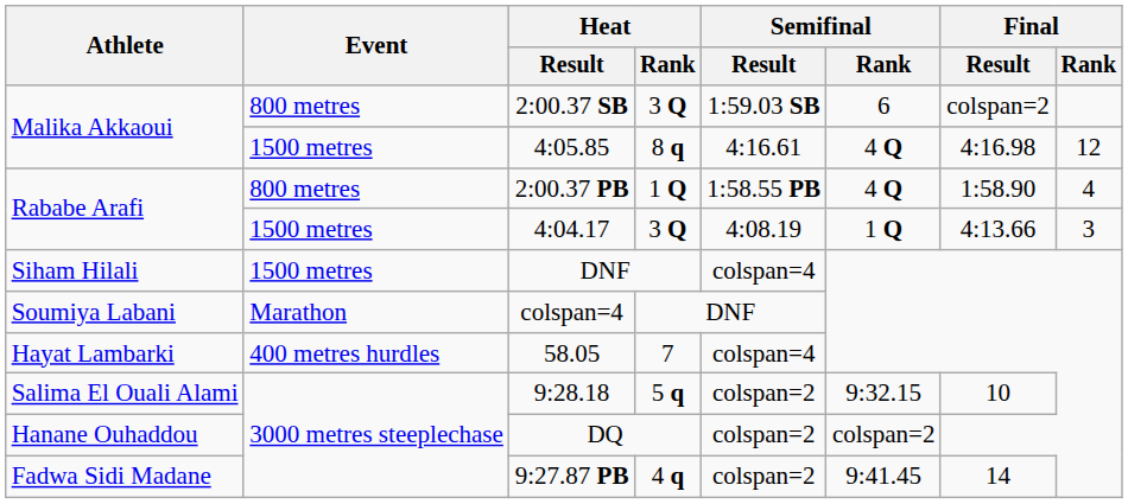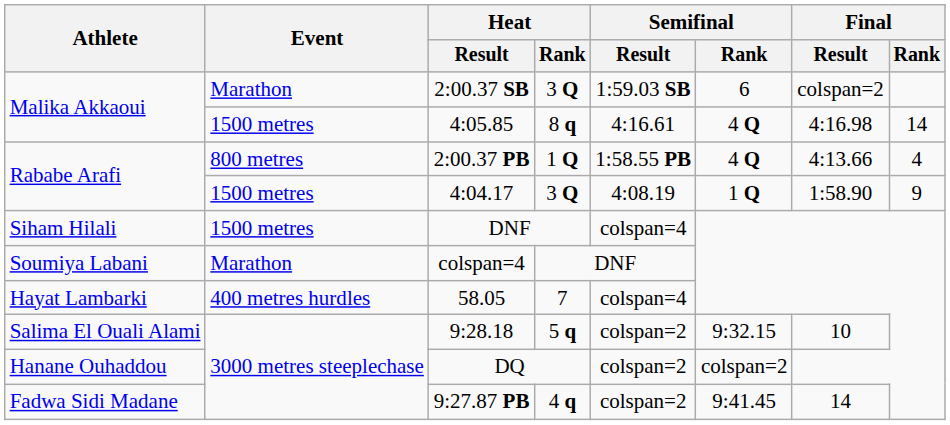 <table class="wikitable" style="font-size:90%">
 <tr>
 <th rowspan="2">Athlete</th>
 <th rowspan="2">Event</th>
 <th colspan="2">Heat</th>
 <th colspan="2">Semifinal</th>
 <th colspan="2">Final</th>
 </tr>
 <tr style="font-size:95%">
 <th>Result</th>
 <th>Rank</th>
 <th>Result</th>
 <th>Rank</th>
 <th>Result</th>
 <th>Rank</th>
 </tr>
 <tr style=text-align:center>
 <td style=text-align:left rowspan=2><a href='#'>Malika Akkaoui</a></td>
-<td style=text-align:left><a href='#'>800 metres</a></td>
+<td style=text-align:left><a href='#'>Marathon</a></td>
 <td>2:00.37 <strong>SB</strong></td>
 <td>3 <strong>Q</strong></td>
 <td>1:59.03 <strong>SB</strong></td>
 <td>6</td>
 <td>colspan=2 </td>
 </tr>
 <tr style=text-align:center>
 <td style=text-align:left><a href='#'>1500 metres</a></td>
 <td>4:05.85</td>
 <td>8 <strong>q</strong></td>
 <td>4:16.61</td>
 <td>4 <strong>Q</strong></td>
 <td>4:16.98</td>
-<td>12</td>
+<td>14</td>
 </tr>
 <tr style=text-align:center>
 <td style=text-align:left rowspan=2><a href='#'>Rababe Arafi</a></td>
 <td style=text-align:left><a href='#'>800 metres</a></td>
 <td>2:00.37 <strong>PB</strong></td>
 <td>1 <strong>Q</strong></td>
 <td>1:58.55 <strong>PB</strong></td>
 <td>4 <strong>Q</strong></td>
-<td>1:58.90</td>
+<td>4:13.66</td>
 <td>4</td>
 </tr>
 <tr style=text-align:center>
 <td style=text-align:left><a href='#'>1500 metres</a></td>
 <td>4:04.17</td>
 <td>3 <strong>Q</strong></td>
 <td>4:08.19</td>
 <td>1 <strong>Q</strong></td>
-<td>4:13.66</td>
-<td>3</td>
+<td>1:58.90</td>
+<td>9</td>
 </tr>
 <tr style=text-align:center>
 <td style=text-align:left><a href='#'>Siham Hilali</a></td>
 <td style=text-align:left><a href='#'>1500 metres</a></td>
 <td colspan=2>DNF</td>
 <td>colspan=4 </td>
 </tr>
 <tr style=text-align:center>
 <td style=text-align:left><a href='#'>Soumiya Labani</a></td>
 <td style=text-align:left><a href='#'>Marathon</a></td>
 <td>colspan=4 </td>
 <td colspan=2>DNF</td>
 </tr>
 <tr style=text-align:center>
 <td style=text-align:left><a href='#'>Hayat Lambarki</a></td>
 <td style=text-align:left><a href='#'>400 metres hurdles</a></td>
 <td>58.05</td>
 <td>7</td>
 <td>colspan=4 </td>
 </tr>
 <tr style=text-align:center>
 <td style=text-align:left><a href='#'>Salima El Ouali Alami</a></td>
 <td style=text-align:left rowspan=3><a href='#'>3000 metres steeplechase</a></td>
 <td>9:28.18</td>
 <td>5 <strong>q</strong></td>
 <td>colspan=2 </td>
 <td>9:32.15</td>
 <td>10</td>
 </tr>
 <tr style=text-align:center>
 <td style=text-align:left><a href='#'>Hanane Ouhaddou</a></td>
 <td colspan=2>DQ</td>
 <td>colspan=2 </td>
 <td>colspan=2 </td>
 </tr>
 <tr style=text-align:center>
 <td style=text-align:left><a href='#'>Fadwa Sidi Madane</a></td>
 <td>9:27.87 <strong>PB</strong></td>
 <td>4 <strong>q</strong></td>
 <td>colspan=2 </td>
 <td>9:41.45</td>
 <td>14</td>
 </tr>
 </table>
